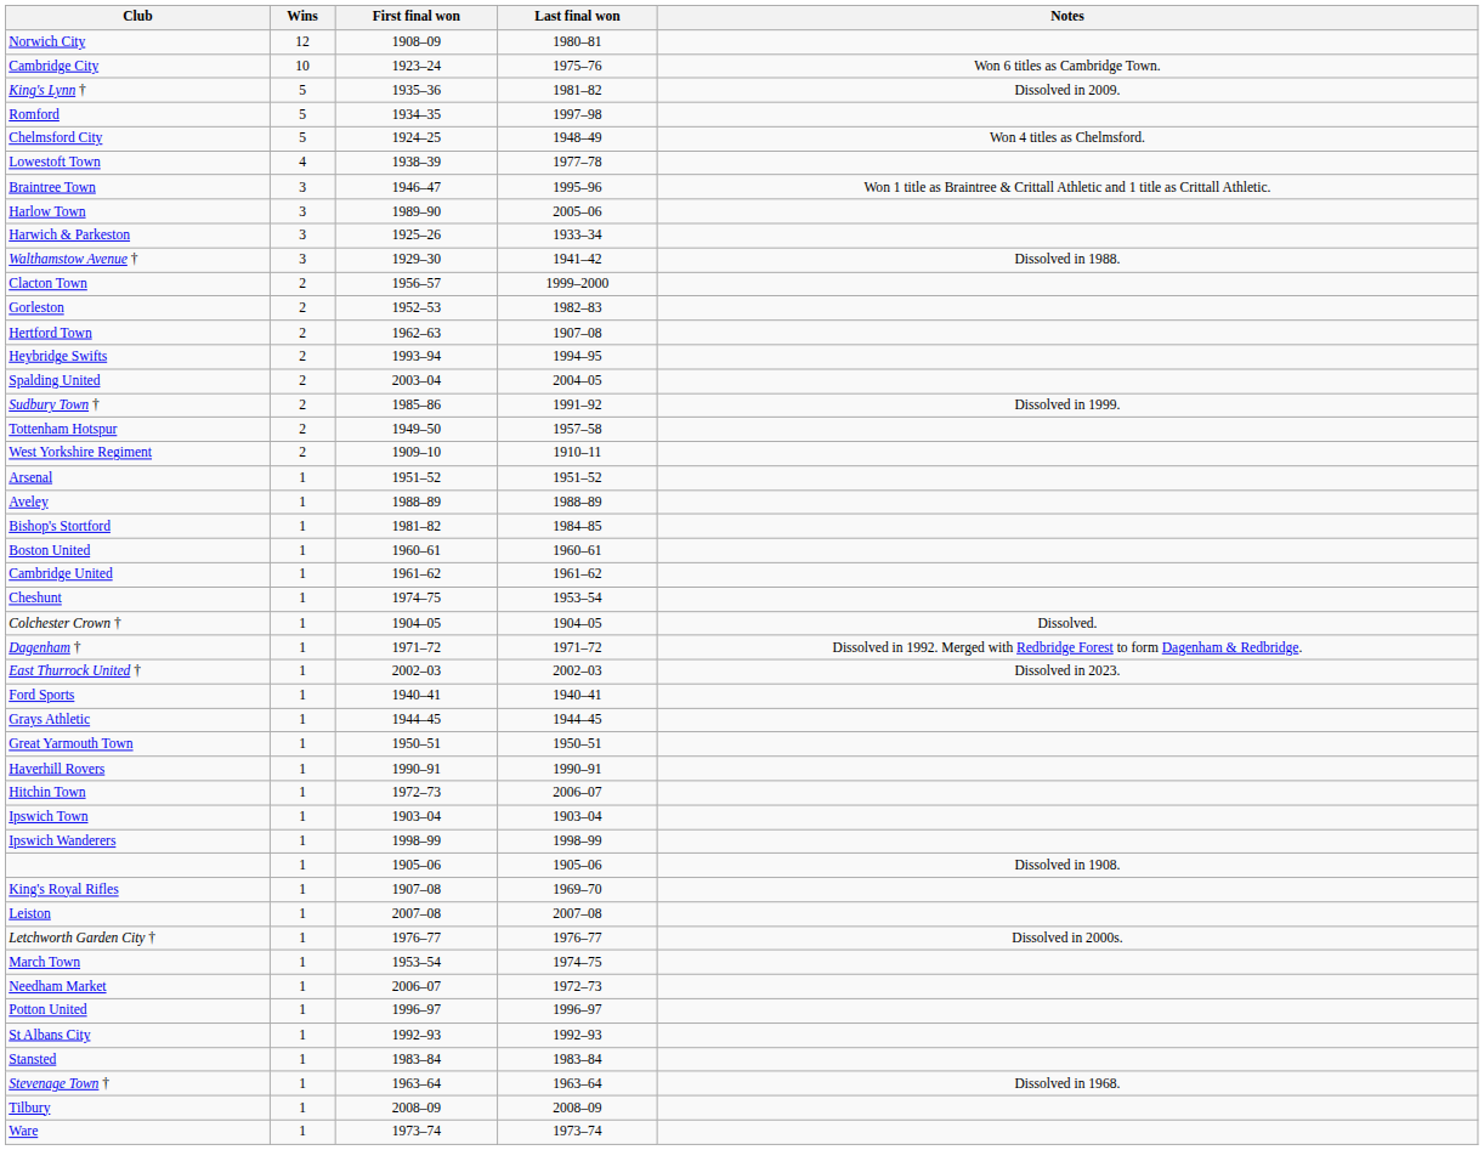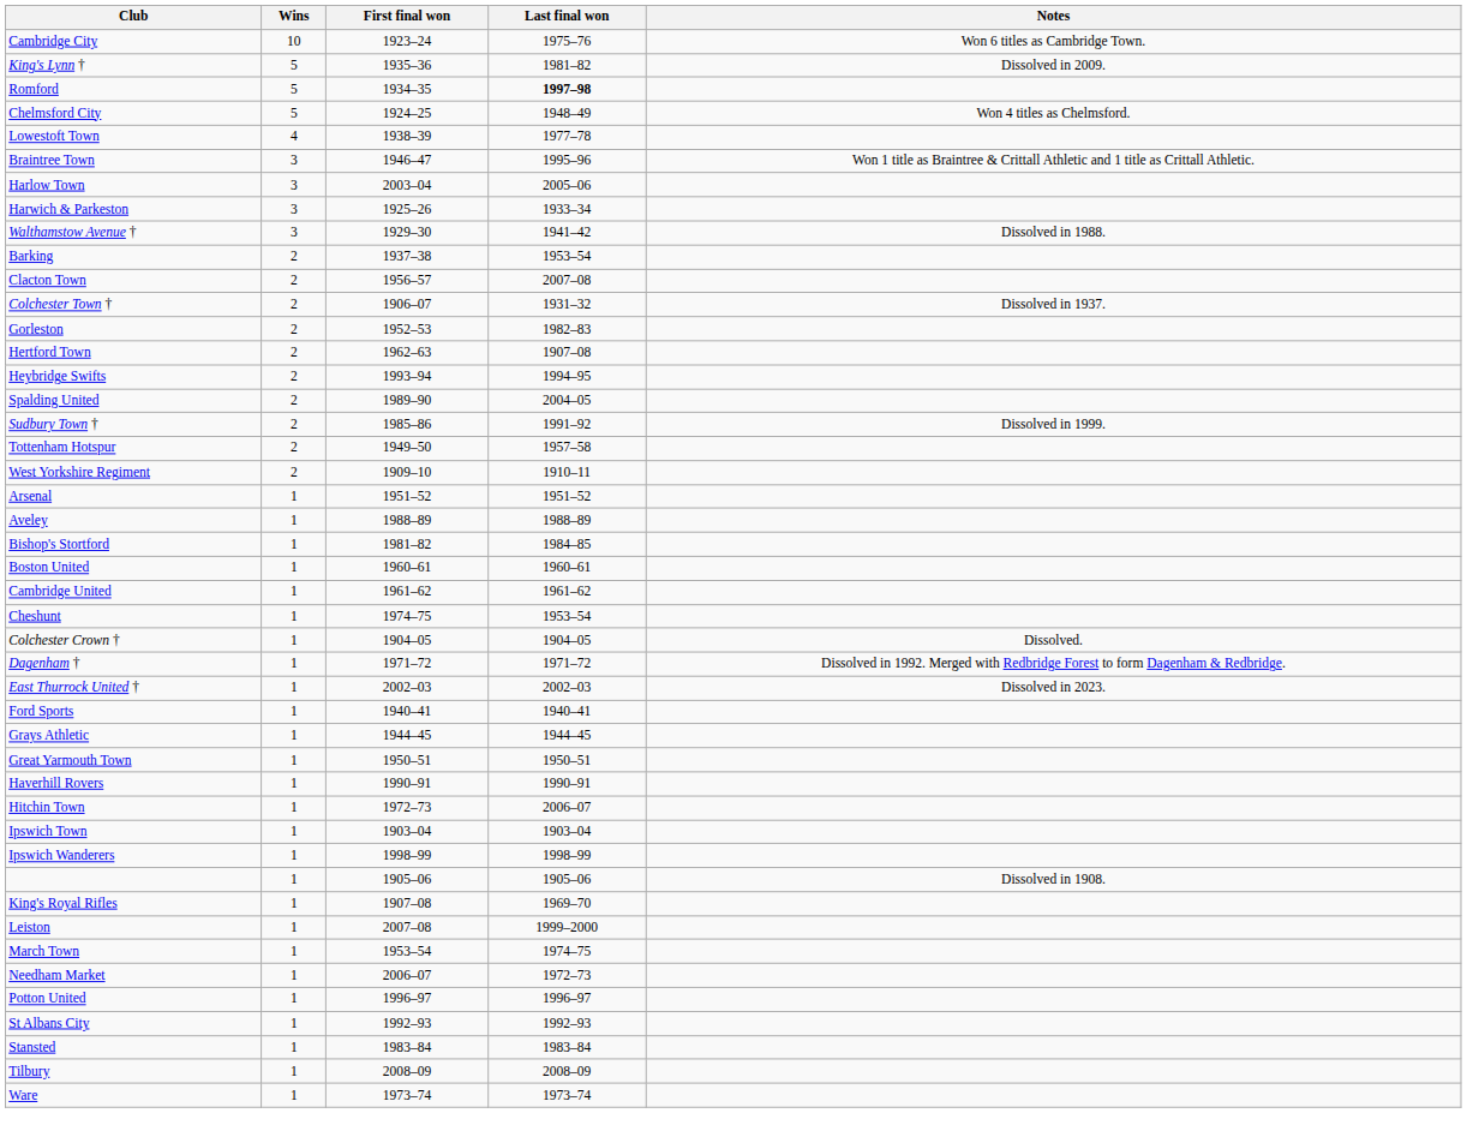 <table class="wikitable sortable" style="text-align: center; width: 100%; font-size: 12px">
 <tr>
 <th>Club</th>
 <th>Wins</th>
 <th>First final won</th>
 <th>Last final won</th>
 <th>Notes</th>
-</tr>
-<tr>
-<td style="text-align: left"><a href='#'>Norwich City</a></td>
-<td>12</td>
-<td>1908–09</td>
-<td>1980–81</td>
-<td></td>
 </tr>
 <tr>
 <td style="text-align: left"><a href='#'>Cambridge City</a></td>
 <td>10</td>
 <td>1923–24</td>
 <td>1975–76</td>
 <td>Won 6 titles as Cambridge Town.</td>
 </tr>
 <tr>
 <td style="text-align: left"><em><a href='#'>King's Lynn</a></em> †</td>
 <td>5</td>
 <td>1935–36</td>
 <td>1981–82</td>
 <td>Dissolved in 2009.</td>
 </tr>
 <tr>
 <td style="text-align: left"><a href='#'>Romford</a></td>
 <td>5</td>
 <td>1934–35</td>
-<td>1997–98</td>
+<td><strong>1997–98</strong></td>
 <td></td>
 </tr>
 <tr>
 <td style="text-align: left"><a href='#'>Chelmsford City</a></td>
 <td>5</td>
 <td>1924–25</td>
 <td>1948–49</td>
 <td>Won 4 titles as Chelmsford.</td>
 </tr>
 <tr>
 <td style="text-align: left"><a href='#'>Lowestoft Town</a></td>
 <td>4</td>
 <td>1938–39</td>
 <td>1977–78</td>
 <td></td>
 </tr>
 <tr>
 <td style="text-align: left"><a href='#'>Braintree Town</a></td>
 <td>3</td>
 <td>1946–47</td>
 <td>1995–96</td>
 <td>Won 1 title as Braintree & Crittall Athletic and 1 title as Crittall Athletic.</td>
 </tr>
 <tr>
 <td style="text-align: left"><a href='#'>Harlow Town</a></td>
 <td>3</td>
-<td>1989–90</td>
+<td>2003–04</td>
 <td>2005–06</td>
 <td></td>
 </tr>
 <tr>
 <td style="text-align: left"><a href='#'>Harwich & Parkeston</a></td>
 <td>3</td>
 <td>1925–26</td>
 <td>1933–34</td>
 <td></td>
 </tr>
 <tr>
 <td style="text-align: left"><em><a href='#'>Walthamstow Avenue</a></em> †</td>
 <td>3</td>
 <td>1929–30</td>
 <td>1941–42</td>
 <td>Dissolved in 1988.</td>
 </tr>
 <tr>
+<td style="text-align: left"><a href='#'>Barking</a></td>
+<td>2</td>
+<td>1937–38</td>
+<td>1953–54</td>
+<td></td>
+</tr>
+<tr>
 <td style="text-align: left"><a href='#'>Clacton Town</a></td>
 <td>2</td>
 <td>1956–57</td>
-<td>1999–2000</td>
+<td>2007–08</td>
 <td></td>
+</tr>
+<tr>
+<td style="text-align: left"><em><a href='#'>Colchester Town</a></em> †</td>
+<td>2</td>
+<td>1906–07</td>
+<td>1931–32</td>
+<td>Dissolved in 1937.</td>
 </tr>
 <tr>
 <td style="text-align: left"><a href='#'>Gorleston</a></td>
 <td>2</td>
 <td>1952–53</td>
 <td>1982–83</td>
 <td></td>
 </tr>
 <tr>
 <td style="text-align: left"><a href='#'>Hertford Town</a></td>
 <td>2</td>
 <td>1962–63</td>
 <td>1907–08</td>
 <td></td>
 </tr>
 <tr>
 <td style="text-align: left"><a href='#'>Heybridge Swifts</a></td>
 <td>2</td>
 <td>1993–94</td>
 <td>1994–95</td>
 <td></td>
 </tr>
 <tr>
 <td style="text-align: left"><a href='#'>Spalding United</a></td>
 <td>2</td>
-<td>2003–04</td>
+<td>1989–90</td>
 <td>2004–05</td>
 <td></td>
 </tr>
 <tr>
 <td style="text-align: left"><em><a href='#'>Sudbury Town</a></em> †</td>
 <td>2</td>
 <td>1985–86</td>
 <td>1991–92</td>
 <td>Dissolved in 1999.</td>
 </tr>
 <tr>
 <td style="text-align: left"><a href='#'>Tottenham Hotspur</a></td>
 <td>2</td>
 <td>1949–50</td>
 <td>1957–58</td>
 <td></td>
 </tr>
 <tr>
 <td style="text-align: left"><a href='#'>West Yorkshire Regiment</a></td>
 <td>2</td>
 <td>1909–10</td>
 <td>1910–11</td>
 <td></td>
 </tr>
 <tr>
 <td style="text-align: left"><a href='#'>Arsenal</a></td>
 <td>1</td>
 <td>1951–52</td>
 <td>1951–52</td>
 <td></td>
 </tr>
 <tr>
 <td style="text-align: left"><a href='#'>Aveley</a></td>
 <td>1</td>
 <td>1988–89</td>
 <td>1988–89</td>
 <td></td>
 </tr>
 <tr>
 <td style="text-align: left"><a href='#'>Bishop's Stortford</a></td>
 <td>1</td>
 <td>1981–82</td>
 <td>1984–85</td>
 <td></td>
 </tr>
 <tr>
 <td style="text-align: left"><a href='#'>Boston United</a></td>
 <td>1</td>
 <td>1960–61</td>
 <td>1960–61</td>
 <td></td>
 </tr>
 <tr>
 <td style="text-align: left"><a href='#'>Cambridge United</a></td>
 <td>1</td>
 <td>1961–62</td>
 <td>1961–62</td>
 <td></td>
 </tr>
 <tr>
 <td style="text-align: left"><a href='#'>Cheshunt</a></td>
 <td>1</td>
 <td>1974–75</td>
 <td>1953–54</td>
 <td></td>
 </tr>
 <tr>
 <td style="text-align: left"><em>Colchester Crown</em> †</td>
 <td>1</td>
 <td>1904–05</td>
 <td>1904–05</td>
 <td>Dissolved.</td>
 </tr>
 <tr>
 <td style="text-align: left"><em><a href='#'>Dagenham</a></em> †</td>
 <td>1</td>
 <td>1971–72</td>
 <td>1971–72</td>
 <td>Dissolved in 1992. Merged with <a href='#'>Redbridge Forest</a> to form <a href='#'>Dagenham & Redbridge</a>.</td>
 </tr>
 <tr>
 <td style="text-align: left"><em><a href='#'>East Thurrock United</a></em> †</td>
 <td>1</td>
 <td>2002–03</td>
 <td>2002–03</td>
 <td>Dissolved in 2023.</td>
 </tr>
 <tr>
 <td style="text-align: left"><a href='#'>Ford Sports</a></td>
 <td>1</td>
 <td>1940–41</td>
 <td>1940–41</td>
 <td></td>
 </tr>
 <tr>
 <td style="text-align: left"><a href='#'>Grays Athletic</a></td>
 <td>1</td>
 <td>1944–45</td>
 <td>1944–45</td>
 <td></td>
 </tr>
 <tr>
 <td style="text-align: left"><a href='#'>Great Yarmouth Town</a></td>
 <td>1</td>
 <td>1950–51</td>
 <td>1950–51</td>
 <td></td>
 </tr>
 <tr>
 <td style="text-align: left"><a href='#'>Haverhill Rovers</a></td>
 <td>1</td>
 <td>1990–91</td>
 <td>1990–91</td>
 <td></td>
 </tr>
 <tr>
 <td style="text-align: left"><a href='#'>Hitchin Town</a></td>
 <td>1</td>
 <td>1972–73</td>
 <td>2006–07</td>
 <td></td>
 </tr>
 <tr>
 <td style="text-align: left"><a href='#'>Ipswich Town</a></td>
 <td>1</td>
 <td>1903–04</td>
 <td>1903–04</td>
 <td></td>
 </tr>
 <tr>
 <td style="text-align: left"><a href='#'>Ipswich Wanderers</a></td>
 <td>1</td>
 <td>1998–99</td>
 <td>1998–99</td>
 <td></td>
 </tr>
 <tr>
 <td style="text-align: left"></td>
 <td>1</td>
 <td>1905–06</td>
 <td>1905–06</td>
 <td>Dissolved in 1908.</td>
 </tr>
 <tr>
 <td style="text-align: left"><a href='#'>King's Royal Rifles</a></td>
 <td>1</td>
 <td>1907–08</td>
 <td>1969–70</td>
 <td></td>
 </tr>
 <tr>
 <td style="text-align: left"><a href='#'>Leiston</a></td>
 <td>1</td>
 <td>2007–08</td>
-<td>2007–08</td>
+<td>1999–2000</td>
 <td></td>
-</tr>
-<tr>
-<td style="text-align: left"><em>Letchworth Garden City</em> †</td>
-<td>1</td>
-<td>1976–77</td>
-<td>1976–77</td>
-<td>Dissolved in 2000s.</td>
 </tr>
 <tr>
 <td style="text-align: left"><a href='#'>March Town</a></td>
 <td>1</td>
 <td>1953–54</td>
 <td>1974–75</td>
 <td></td>
 </tr>
 <tr>
 <td style="text-align: left"><a href='#'>Needham Market</a></td>
 <td>1</td>
 <td>2006–07</td>
 <td>1972–73</td>
 <td></td>
 </tr>
 <tr>
 <td style="text-align: left"><a href='#'>Potton United</a></td>
 <td>1</td>
 <td>1996–97</td>
 <td>1996–97</td>
 <td></td>
 </tr>
 <tr>
 <td style="text-align: left"><a href='#'>St Albans City</a></td>
 <td>1</td>
 <td>1992–93</td>
 <td>1992–93</td>
 <td></td>
 </tr>
 <tr>
 <td style="text-align: left"><a href='#'>Stansted</a></td>
 <td>1</td>
 <td>1983–84</td>
 <td>1983–84</td>
 <td></td>
 </tr>
 <tr>
-<td style="text-align: left"><em><a href='#'>Stevenage Town</a></em> †</td>
-<td>1</td>
-<td>1963–64</td>
-<td>1963–64</td>
-<td>Dissolved in 1968.</td>
-</tr>
-<tr>
 <td style="text-align: left"><a href='#'>Tilbury</a></td>
 <td>1</td>
 <td>2008–09</td>
 <td>2008–09</td>
 <td></td>
 </tr>
 <tr>
 <td style="text-align: left"><a href='#'>Ware</a></td>
 <td>1</td>
 <td>1973–74</td>
 <td>1973–74</td>
 <td></td>
 </tr>
 </table>
